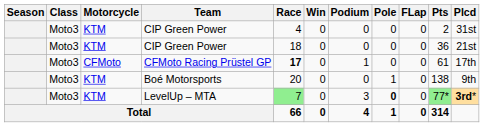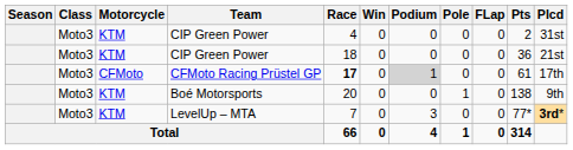 <table class="wikitable" style="text-align:right;">
 <tr>
 <th>Season</th>
 <th>Class</th>
 <th>Motorcycle</th>
 <th>Team</th>
 <th>Race</th>
 <th>Win</th>
 <th>Podium</th>
 <th>Pole</th>
 <th>FLap</th>
 <th>Pts</th>
 <th>Plcd</th>
 </tr>
 <tr>
 <th></th>
 <td>Moto3</td>
 <td style="text-align:left;"><a href='#'>KTM</a></td>
 <td style="text-align:left;">CIP Green Power</td>
 <td>4</td>
 <td>0</td>
 <td>0</td>
 <td>0</td>
 <td>0</td>
 <td>2</td>
 <td>31st</td>
 </tr>
 <tr>
 <th></th>
 <td>Moto3</td>
 <td style="text-align:left;"><a href='#'>KTM</a></td>
 <td style="text-align:left;">CIP Green Power</td>
 <td>18</td>
 <td>0</td>
 <td>0</td>
 <td>0</td>
 <td>0</td>
 <td>36</td>
 <td>21st</td>
 </tr>
 <tr>
 <th></th>
 <td>Moto3</td>
 <td style="text-align:left;"><a href='#'>CFMoto</a></td>
 <td style="text-align:left;"><a href='#'>CFMoto Racing Prüstel GP</a></td>
 <td><strong>17</strong></td>
 <td>0</td>
-<td>1</td>
+<td style="background: lightgrey;">1</td>
 <td>0</td>
 <td>0</td>
 <td>61</td>
 <td>17th</td>
 </tr>
 <tr>
 <th></th>
 <td>Moto3</td>
 <td style="text-align:left;"><a href='#'>KTM</a></td>
 <td style="text-align:left;">Boé Motorsports</td>
 <td>20</td>
 <td>0</td>
 <td>0</td>
 <td>1</td>
 <td>0</td>
 <td>138</td>
 <td>9th</td>
 </tr>
 <tr>
 <th></th>
 <td>Moto3</td>
 <td style="text-align:left;"><a href='#'>KTM</a></td>
 <td style="text-align:left;">LevelUp – MTA</td>
-<td style="background: lightgreen;">7</td>
+<td>7</td>
 <td>0</td>
 <td>3</td>
-<td><strong>0</strong></td>
 <td>0</td>
-<td style="background: lightgreen;">77*</td>
+<td>0</td>
+<td>77*</td>
 <td style="background:#FFDF9F;"><strong>3rd</strong>*</td>
 </tr>
 <tr>
 <th colspan="4">Total</th>
 <td><strong>66</strong></td>
 <td><strong>0</strong></td>
 <td><strong>4</strong></td>
 <td><strong>1</strong></td>
 <td><strong>0</strong></td>
 <td><strong>314</strong></td>
 <td></td>
 </tr>
 </table>
